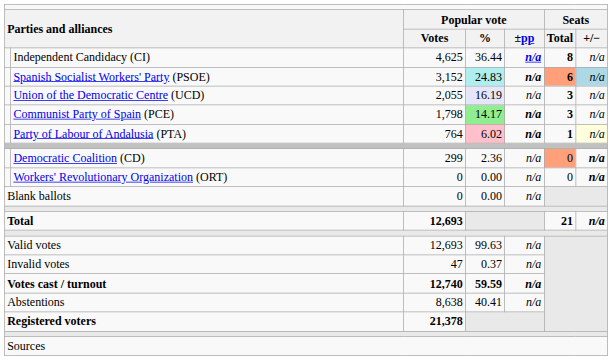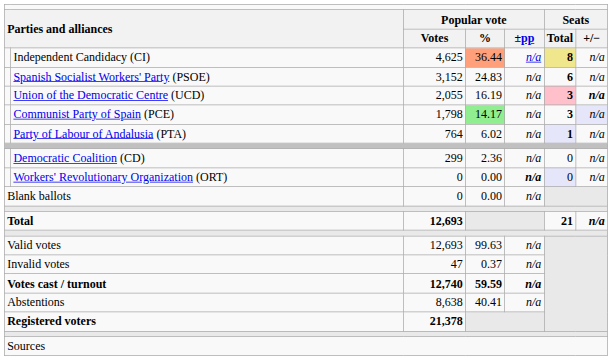 <table class="wikitable" style="text-align:right;">
 <tr>
 <td colspan="7"></td>
 </tr>
 <tr>
 <th style="text-align:left;" rowspan="2" colspan="2" width="525">Parties and alliances</th>
 <th colspan="3">Popular vote</th>
 <th colspan="2">Seats</th>
 </tr>
 <tr>
 <th width="75">Votes</th>
 <th width="45">%</th>
 <th width="45">±<a href='#'>pp</a></th>
 <th width="35">Total</th>
 <th width="35">+/−</th>
 </tr>
 <tr>
 <td width="1" style="color:inherit;background:"></td>
 <td align="left">Independent Candidacy (CI)</td>
 <td>4,625</td>
-<td>36.44</td>
-<td><strong><em><a href='#'>n/a</a></em></strong></td>
-<td><strong>8</strong></td>
+<td style="background: lightsalmon;">36.44</td>
+<td><em><a href='#'>n/a</a></em></td>
+<td style="background: khaki;"><strong>8</strong></td>
 <td><em>n/a</em></td>
 </tr>
 <tr>
 <td style="color:inherit;background:"></td>
 <td align="left"><a href='#'>Spanish Socialist Workers' Party</a> (PSOE)</td>
 <td>3,152</td>
-<td style="background: paleturquoise;">24.83</td>
-<td><strong><em>n/a</em></strong></td>
-<td style="background: lightsalmon;"><strong>6</strong></td>
-<td style="background: lightblue;"><em>n/a</em></td>
+<td>24.83</td>
+<td><em>n/a</em></td>
+<td><strong>6</strong></td>
+<td><em>n/a</em></td>
 </tr>
 <tr>
 <td style="color:inherit;background:"></td>
 <td align="left"><a href='#'>Union of the Democratic Centre</a> (UCD)</td>
 <td>2,055</td>
-<td style="background: lavender;">16.19</td>
+<td>16.19</td>
 <td><em>n/a</em></td>
-<td><strong>3</strong></td>
-<td><em>n/a</em></td>
+<td style="background: pink;"><strong>3</strong></td>
+<td><strong><em>n/a</em></strong></td>
 </tr>
 <tr>
 <td style="color:inherit;background:"></td>
 <td align="left"><a href='#'>Communist Party of Spain</a> (PCE)</td>
 <td>1,798</td>
 <td style="background: lightgreen;">14.17</td>
-<td><strong><em>n/a</em></strong></td>
+<td><em>n/a</em></td>
 <td><strong>3</strong></td>
-<td><em>n/a</em></td>
+<td style="background: lavender;"><em>n/a</em></td>
 </tr>
 <tr>
 <td style="color:inherit;background:"></td>
 <td align="left"><a href='#'>Party of Labour of Andalusia</a> (PTA)</td>
 <td>764</td>
-<td style="background: pink;">6.02</td>
-<td><strong><em>n/a</em></strong></td>
-<td><strong>1</strong></td>
-<td style="background: lightyellow;"><em>n/a</em></td>
+<td>6.02</td>
+<td><em>n/a</em></td>
+<td style="background: lavender;"><strong>1</strong></td>
+<td><em>n/a</em></td>
 </tr>
 <tr>
 <td colspan="7" bgcolor="#C0C0C0"></td>
 </tr>
 <tr>
 <td style="color:inherit;background:"></td>
 <td align="left"><a href='#'>Democratic Coalition</a> (CD)</td>
 <td>299</td>
 <td>2.36</td>
 <td><em>n/a</em></td>
-<td style="background: lightsalmon;">0</td>
-<td><strong><em>n/a</em></strong></td>
+<td>0</td>
+<td><em>n/a</em></td>
 </tr>
 <tr>
 <td style="color:inherit;background:"></td>
 <td align="left"><a href='#'>Workers' Revolutionary Organization</a> (ORT)</td>
 <td>0</td>
 <td>0.00</td>
+<td><strong><em>n/a</em></strong></td>
+<td style="background: lavender;">0</td>
 <td><em>n/a</em></td>
-<td>0</td>
-<td><strong><em>n/a</em></strong></td>
 </tr>
 <tr>
 <td align="left" colspan="2">Blank ballots</td>
 <td>0</td>
 <td>0.00</td>
 <td><em>n/a</em></td>
 <td bgcolor="#E9E9E9" colspan="2"></td>
 </tr>
 <tr>
 <td colspan="7" bgcolor="#E9E9E9"></td>
 </tr>
 <tr style="font-weight:bold;">
 <td align="left" colspan="2">Total</td>
 <td>12,693</td>
 <td bgcolor="#E9E9E9" colspan="2"></td>
 <td>21</td>
 <td><em>n/a</em></td>
 </tr>
 <tr>
 <td colspan="7" bgcolor="#E9E9E9"></td>
 </tr>
 <tr>
 <td align="left" colspan="2">Valid votes</td>
 <td>12,693</td>
 <td>99.63</td>
 <td><em>n/a</em></td>
 <td bgcolor="#E9E9E9" colspan="2" rowspan="5"></td>
 </tr>
 <tr>
 <td align="left" colspan="2">Invalid votes</td>
 <td>47</td>
 <td>0.37</td>
 <td><em>n/a</em></td>
 </tr>
 <tr style="font-weight:bold;">
 <td align="left" colspan="2">Votes cast / turnout</td>
 <td>12,740</td>
 <td>59.59</td>
 <td><em>n/a</em></td>
 </tr>
 <tr>
 <td align="left" colspan="2">Abstentions</td>
 <td>8,638</td>
 <td>40.41</td>
 <td><em>n/a</em></td>
 </tr>
 <tr style="font-weight:bold;">
 <td align="left" colspan="2">Registered voters</td>
 <td>21,378</td>
 <td bgcolor="#E9E9E9" colspan="2"></td>
 </tr>
 <tr>
 <td colspan="7" bgcolor="#E9E9E9"></td>
 </tr>
 <tr>
 <td align="left" colspan="7">Sources</td>
 </tr>
 </table>
